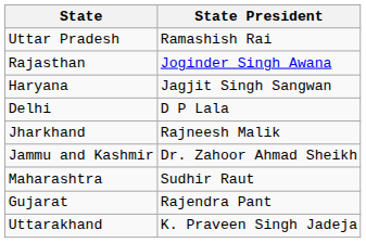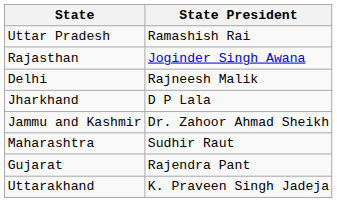 <table class="wikitable">
 <tr>
 <th Style="background-color:">State</th>
 <th Style="background-color:">State President</th>
 </tr>
 <tr>
 <td>Uttar Pradesh</td>
 <td>Ramashish Rai</td>
 </tr>
 <tr>
 <td>Rajasthan</td>
 <td><a href='#'>Joginder Singh Awana</a></td>
 </tr>
 <tr>
-<td>Haryana</td>
-<td>Jagjit Singh Sangwan</td>
-</tr>
-<tr>
 <td>Delhi</td>
-<td>D P Lala</td>
+<td>Rajneesh Malik</td>
 </tr>
 <tr>
 <td>Jharkhand</td>
-<td>Rajneesh Malik</td>
+<td>D P Lala</td>
 </tr>
 <tr>
 <td>Jammu and Kashmir</td>
 <td>Dr. Zahoor Ahmad Sheikh</td>
 </tr>
 <tr>
 <td>Maharashtra</td>
 <td>Sudhir Raut</td>
 </tr>
 <tr>
 <td>Gujarat</td>
 <td>Rajendra Pant</td>
 </tr>
 <tr>
 <td>Uttarakhand</td>
 <td>K. Praveen Singh Jadeja</td>
 </tr>
 </table>
